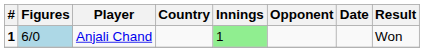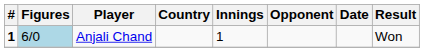 <table class="wikitable"  style="font-size:100%"  width:"100%">
 <tr>
 <th>#</th>
 <th>Figures</th>
 <th>Player</th>
 <th>Country</th>
 <th>Innings</th>
 <th>Opponent</th>
 <th>Date</th>
 <th>Result</th>
 </tr>
 <tr>
 <td><strong>1</strong></td>
 <td style="background: lightblue;">6/0</td>
 <td><a href='#'>Anjali Chand</a></td>
 <td></td>
-<td style="background: lightgreen;">1</td>
+<td>1</td>
 <td></td>
 <td></td>
 <td>Won</td>
 </tr>
 <tr>
 </tr>
 </table>
